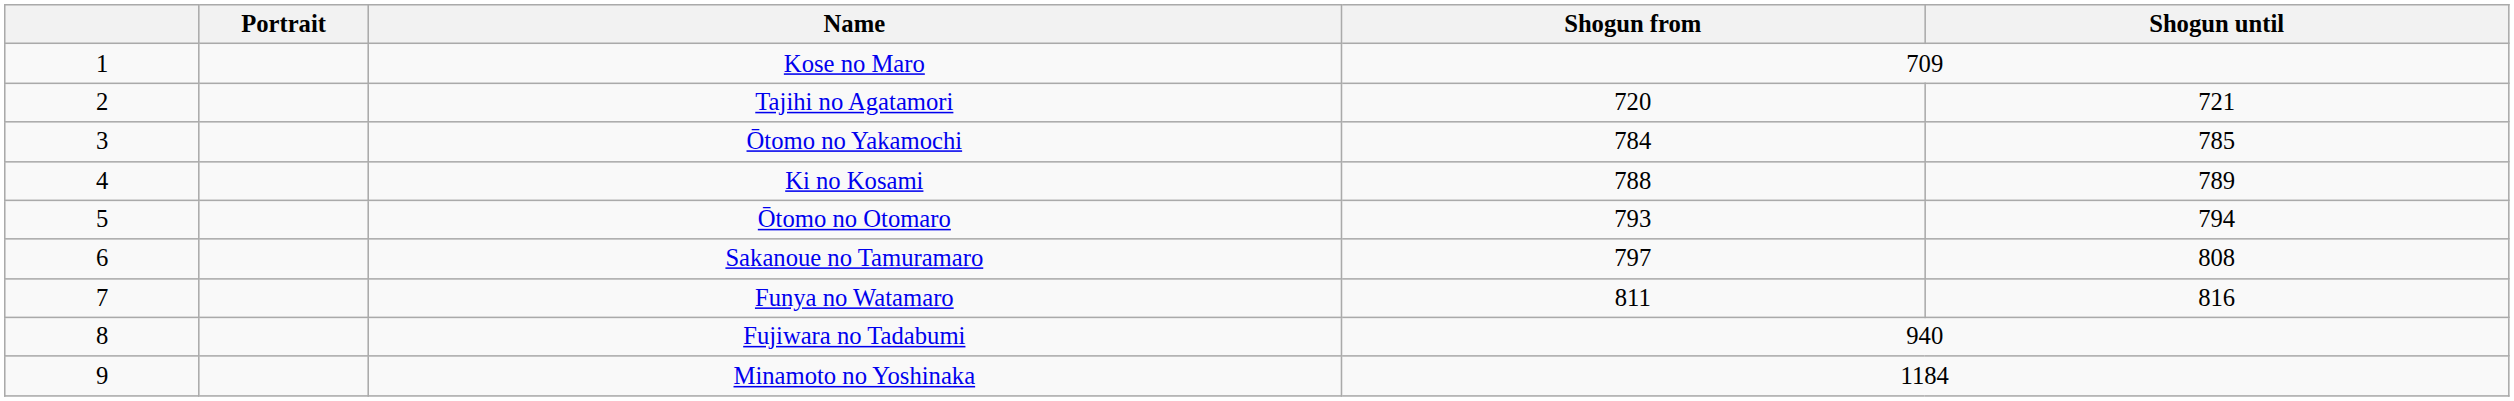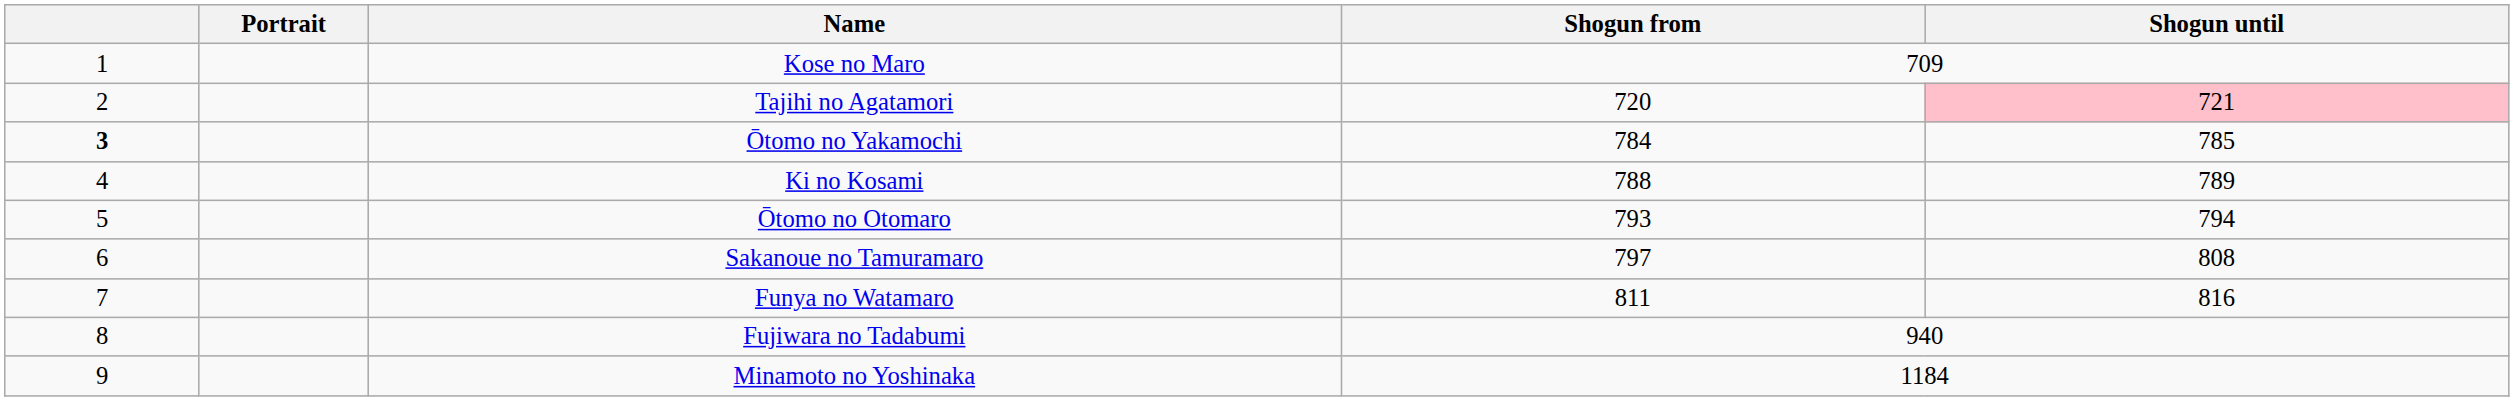 <table width=82% class="wikitable" style="text-align:center">
 <tr>
 <th scope="col" width=2%></th>
 <th scope="col" width=1%>Portrait</th>
 <th scope="col" width=10%>Name<br></th>
 <th scope="col" width=6%>Shogun from</th>
 <th scope="col" width=6%>Shogun until</th>
 </tr>
 <tr>
 <td>1</td>
 <td></td>
 <td><a href='#'>Kose no Maro</a><br></td>
 <td colspan="2">709</td>
 </tr>
 <tr>
 <td>2</td>
 <td></td>
 <td><a href='#'>Tajihi no Agatamori</a><br></td>
 <td>720</td>
-<td>721</td>
+<td style="background: pink;">721</td>
 </tr>
 <tr>
-<td>3</td>
+<td><strong>3</strong></td>
 <td></td>
 <td><a href='#'>Ōtomo no Yakamochi</a><br></td>
 <td>784</td>
 <td>785</td>
 </tr>
 <tr>
 <td>4</td>
 <td></td>
 <td><a href='#'>Ki no Kosami</a><br></td>
 <td>788</td>
 <td>789</td>
 </tr>
 <tr>
 <td>5</td>
 <td></td>
 <td><a href='#'>Ōtomo no Otomaro</a><br></td>
 <td>793</td>
 <td>794</td>
 </tr>
 <tr>
 <td>6</td>
 <td></td>
 <td><a href='#'>Sakanoue no Tamuramaro</a><br></td>
 <td>797</td>
 <td>808</td>
 </tr>
 <tr>
 <td>7</td>
 <td></td>
 <td><a href='#'>Funya no Watamaro</a><br></td>
 <td>811</td>
 <td>816</td>
 </tr>
 <tr>
 <td>8</td>
 <td></td>
 <td><a href='#'>Fujiwara no Tadabumi</a><br></td>
 <td colspan="2">940</td>
 </tr>
 <tr>
 <td>9</td>
 <td></td>
 <td><a href='#'>Minamoto no Yoshinaka</a><br></td>
 <td colspan="2">1184</td>
 </tr>
 </table>
